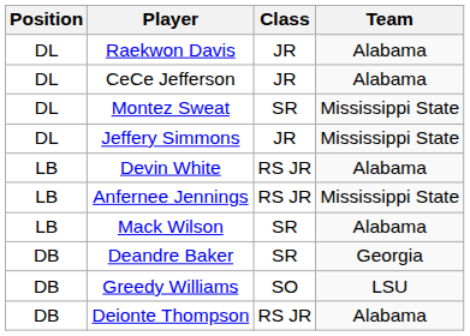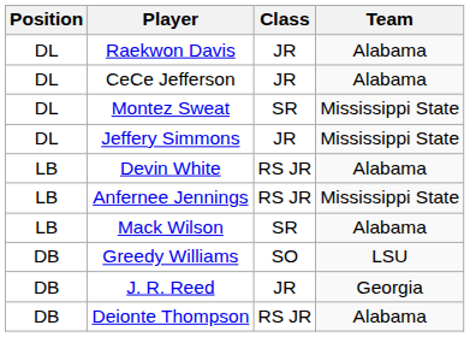 <table class="wikitable sortable">
 <tr>
 <th>Position</th>
 <th>Player</th>
 <th>Class</th>
 <th>Team</th>
 </tr>
 <tr style="text-align:center;">
 <td style="background:white">DL</td>
 <td style="background:white"><a href='#'>Raekwon Davis</a></td>
 <td style="background:white">JR</td>
 <td>Alabama</td>
 </tr>
 <tr style="text-align:center;">
 <td style="background:white">DL</td>
 <td style="background:white">CeCe Jefferson</td>
 <td style="background:white">JR</td>
 <td>Alabama</td>
 </tr>
 <tr style="text-align:center;">
 <td style="background:white">DL</td>
 <td style="background:white"><a href='#'>Montez Sweat</a></td>
 <td style="background:white">SR</td>
 <td>Mississippi State</td>
 </tr>
 <tr style="text-align:center;">
 <td style="background:white">DL</td>
 <td style="background:white"><a href='#'>Jeffery Simmons</a></td>
 <td style="background:white">JR</td>
 <td>Mississippi State</td>
 </tr>
 <tr style="text-align:center;">
 <td style="background:white">LB</td>
 <td style="background:white"><a href='#'>Devin White</a></td>
 <td style="background:white">RS JR</td>
 <td>Alabama</td>
 </tr>
 <tr style="text-align:center;">
 <td style="background:white">LB</td>
 <td style="background:white"><a href='#'>Anfernee Jennings</a></td>
 <td style="background:white">RS JR</td>
 <td>Mississippi State</td>
 </tr>
 <tr style="text-align:center;">
 <td style="background:white">LB</td>
 <td style="background:white"><a href='#'>Mack Wilson</a></td>
 <td style="background:white">SR</td>
 <td>Alabama</td>
 </tr>
 <tr style="text-align:center;">
 <td style="background:white">DB</td>
-<td style="background:white"><a href='#'>Deandre Baker</a></td>
-<td style="background:white">SR</td>
-<td>Georgia</td>
+<td style="background:white"><a href='#'>Greedy Williams</a></td>
+<td style="background:white">SO</td>
+<td>LSU</td>
 </tr>
 <tr style="text-align:center;">
 <td style="background:white">DB</td>
-<td style="background:white"><a href='#'>Greedy Williams</a></td>
-<td style="background:white">SO</td>
-<td>LSU</td>
+<td style="background:white"><a href='#'>J. R. Reed</a></td>
+<td style="background:white">JR</td>
+<td>Georgia</td>
 </tr>
 <tr style="text-align:center;">
 <td style="background:white">DB</td>
 <td style="background:white"><a href='#'>Deionte Thompson</a></td>
 <td style="background:white">RS JR</td>
 <td>Alabama</td>
 </tr>
 </table>
